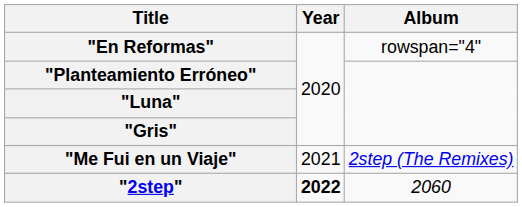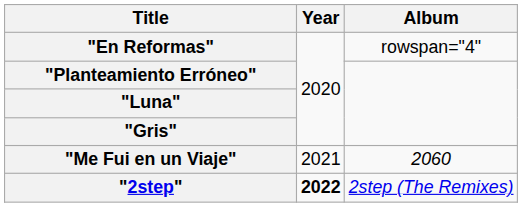 <table class="wikitable plainrowheaders" style="text-align:center;">
 <tr>
 <th scope="col" style="width:16em;">Title</th>
 <th scope="col">Year</th>
 <th scope="col">Album</th>
 </tr>
 <tr>
 <th scope="row">"En Reformas"</th>
 <td rowspan="4">2020</td>
 <td>rowspan="4" </td>
 </tr>
 <tr>
 <th scope="row">"Planteamiento Erróneo"</th>
 </tr>
 <tr>
 <th scope="row">"Luna"</th>
 </tr>
 <tr>
 <th scope="row">"Gris"<br></th>
 </tr>
 <tr>
 <th scope="row">"Me Fui en un Viaje"<br></th>
 <td>2021</td>
-<td><em><a href='#'>2step (The Remixes)</a></em></td>
+<td><em>2060</em></td>
 </tr>
 <tr>
 <th scope="row">"<a href='#'>2step</a>"<br></th>
 <td><strong>2022</strong></td>
-<td><em>2060</em></td>
+<td><em><a href='#'>2step (The Remixes)</a></em></td>
 </tr>
 </table>
